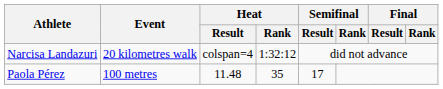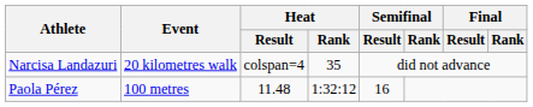 <table class="wikitable" style="font-size:90%">
 <tr>
 <th rowspan="2">Athlete</th>
 <th rowspan="2">Event</th>
 <th colspan="2">Heat</th>
 <th colspan="2">Semifinal</th>
 <th colspan="2">Final</th>
 </tr>
 <tr style="font-size:95%">
 <th>Result</th>
 <th>Rank</th>
 <th>Result</th>
 <th>Rank</th>
 <th>Result</th>
 <th>Rank</th>
 </tr>
 <tr style=text-align:center>
 <td style=text-align:left><a href='#'>Narcisa Landazuri</a></td>
 <td style=text-align:left><a href='#'>20 kilometres walk</a></td>
 <td>colspan=4 </td>
-<td>1:32:12</td>
+<td>35</td>
 <td colspan=4>did not advance</td>
 </tr>
 <tr style=text-align:center>
 <td style=text-align:left><a href='#'>Paola Pérez</a></td>
 <td style=text-align:left><a href='#'>100 metres</a></td>
 <td>11.48</td>
-<td>35</td>
-<td>17</td>
+<td>1:32:12</td>
+<td>16</td>
 </tr>
 </table>
